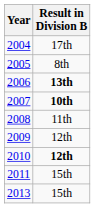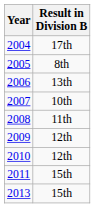 <table class="wikitable" style="text-align:center">
 <tr>
 <th>Year</th>
 <th>Result in<br>Division B</th>
 </tr>
 <tr>
 <td><a href='#'>2004</a></td>
 <td>17th</td>
 </tr>
 <tr>
 <td><a href='#'>2005</a></td>
 <td>8th</td>
 </tr>
 <tr>
 <td><a href='#'>2006</a></td>
-<td><strong>13th</strong></td>
+<td>13th</td>
 </tr>
 <tr>
 <td><a href='#'>2007</a></td>
-<td><strong>10th</strong></td>
+<td>10th</td>
 </tr>
 <tr>
 <td><a href='#'>2008</a></td>
 <td>11th</td>
 </tr>
 <tr>
 <td><a href='#'>2009</a></td>
 <td>12th</td>
 </tr>
 <tr>
 <td><a href='#'>2010</a></td>
-<td><strong>12th</strong></td>
+<td>12th</td>
 </tr>
 <tr>
 <td><a href='#'>2011</a></td>
 <td>15th</td>
 </tr>
 <tr>
 <td><a href='#'>2013</a></td>
 <td>15th</td>
 </tr>
 </table>
